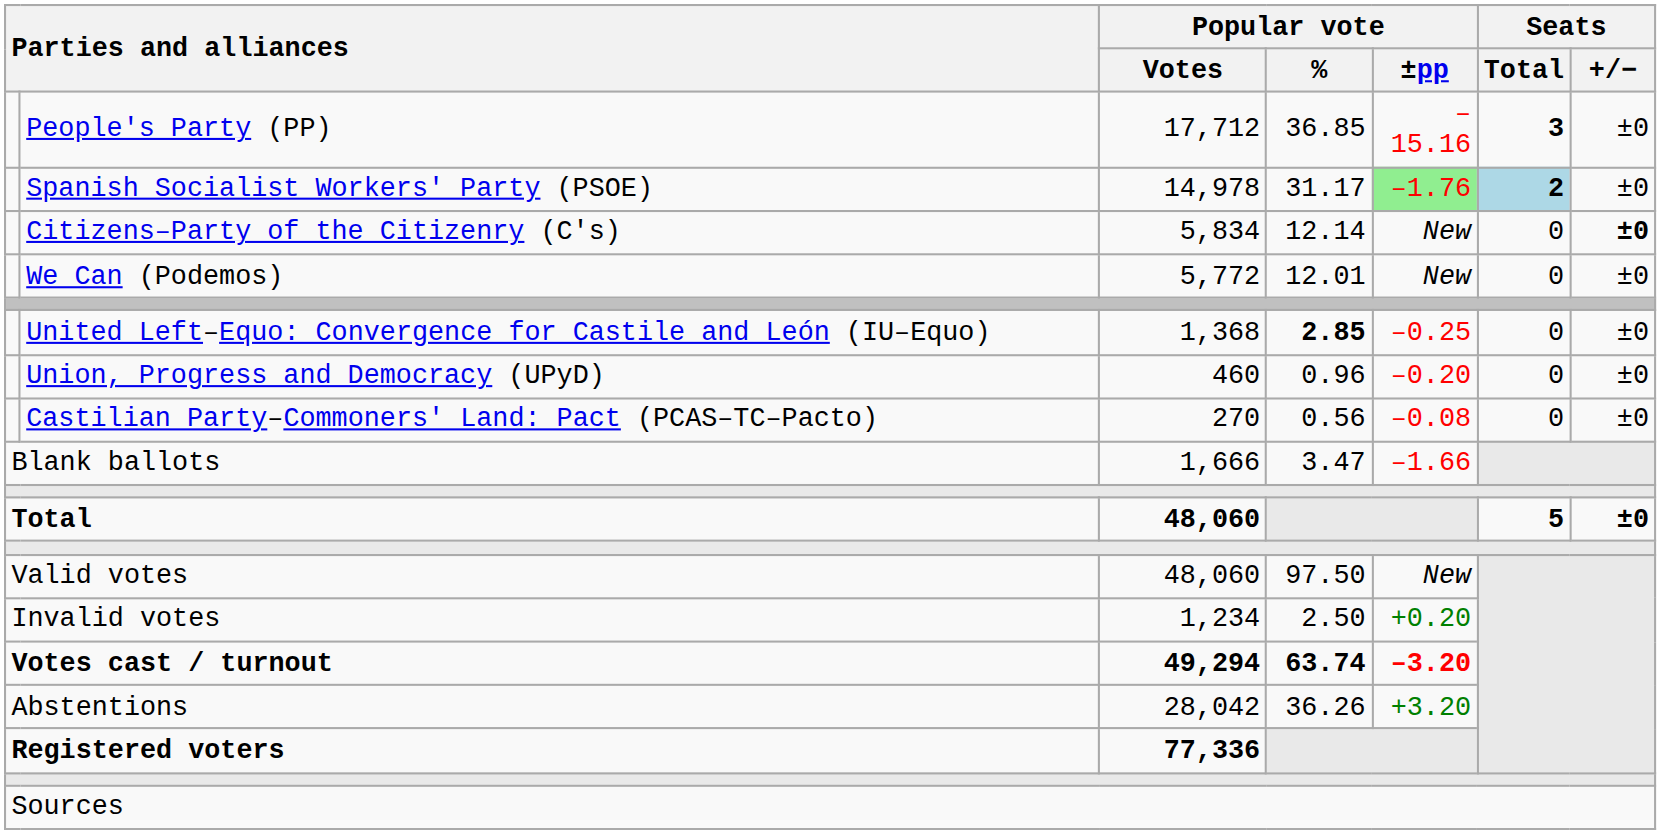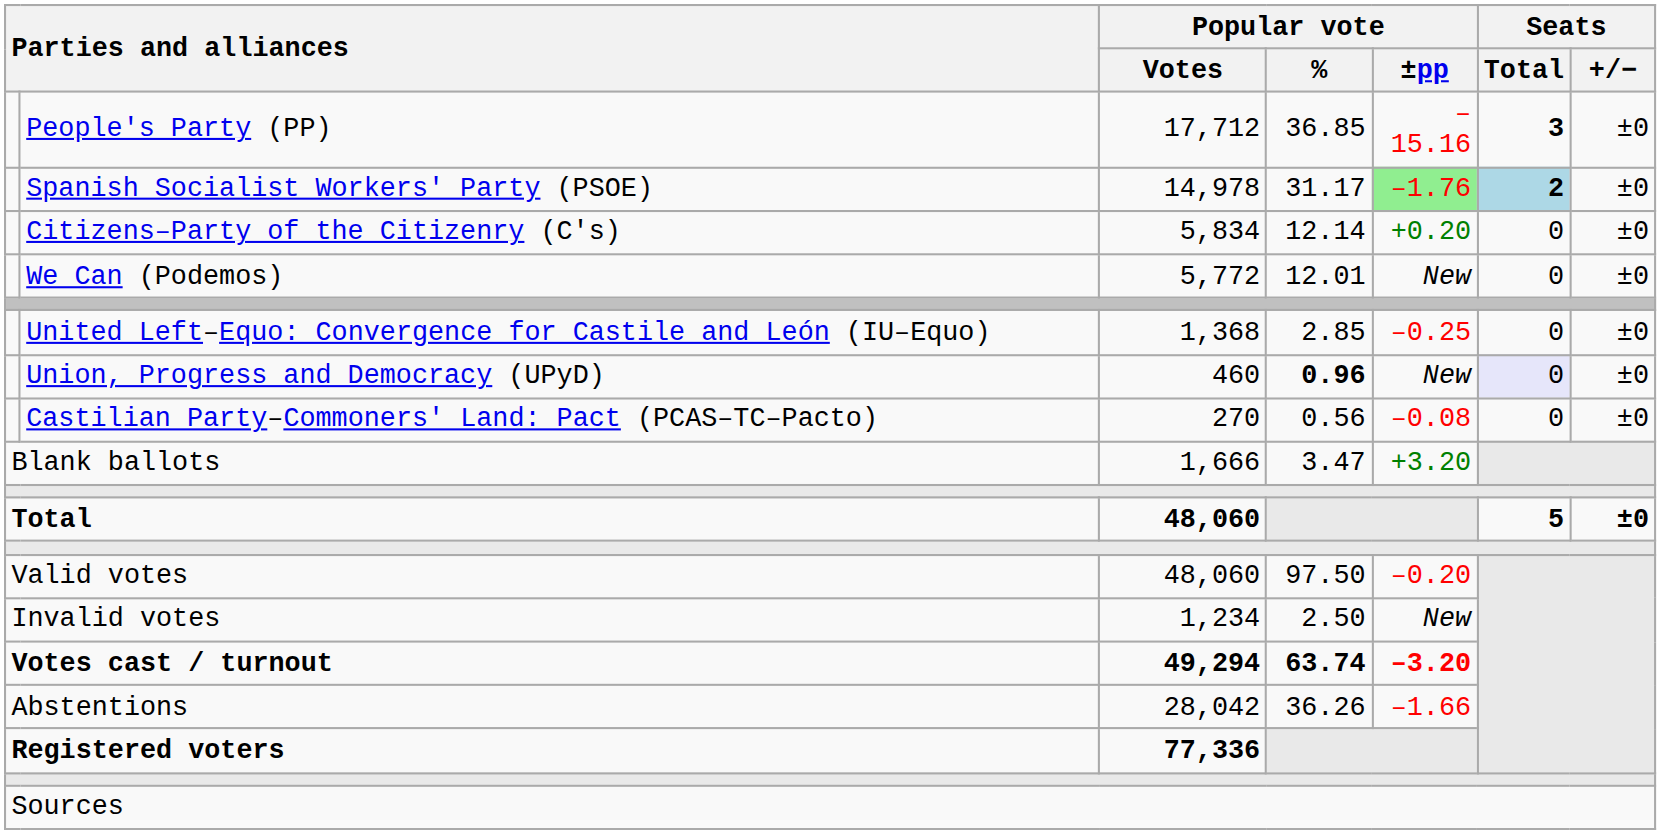 <table class="wikitable" style="text-align:right;">
 <tr>
 <th style="text-align:left;" rowspan="2" colspan="2" width="525">Parties and alliances</th>
 <th colspan="3">Popular vote</th>
 <th colspan="2">Seats</th>
 </tr>
 <tr>
 <th width="75">Votes</th>
 <th width="45">%</th>
 <th width="45">±<a href='#'>pp</a></th>
 <th width="35">Total</th>
 <th width="35">+/−</th>
 </tr>
 <tr>
 <td width="1" style="color:inherit;background:"></td>
 <td align="left"><a href='#'>People's Party</a> (PP)</td>
 <td>17,712</td>
 <td>36.85</td>
 <td style="color:red;">–15.16</td>
 <td><strong>3</strong></td>
 <td>±0</td>
 </tr>
 <tr>
 <td style="color:inherit;background:"></td>
 <td align="left"><a href='#'>Spanish Socialist Workers' Party</a> (PSOE)</td>
 <td>14,978</td>
 <td>31.17</td>
 <td style="background: lightgreen; color:red;">–1.76</td>
 <td style="background: lightblue;"><strong>2</strong></td>
 <td>±0</td>
 </tr>
 <tr>
 <td style="color:inherit;background:"></td>
 <td align="left"><a href='#'>Citizens–Party of the Citizenry</a> (C's)</td>
 <td>5,834</td>
 <td>12.14</td>
-<td><em>New</em></td>
+<td style="color:green;">+0.20</td>
 <td>0</td>
-<td><strong>±0</strong></td>
+<td>±0</td>
 </tr>
 <tr>
 <td style="color:inherit;background:"></td>
 <td align="left"><a href='#'>We Can</a> (Podemos)</td>
 <td>5,772</td>
 <td>12.01</td>
 <td><em>New</em></td>
 <td>0</td>
 <td>±0</td>
 </tr>
 <tr>
 <td colspan="7" bgcolor="#C0C0C0"></td>
 </tr>
 <tr>
 <td style="color:inherit;background:"></td>
 <td align="left"><a href='#'>United Left</a>–<a href='#'>Equo: Convergence for Castile and León</a> (IU–Equo)</td>
 <td>1,368</td>
-<td><strong>2.85</strong></td>
+<td>2.85</td>
 <td style="color:red;">–0.25</td>
 <td>0</td>
 <td>±0</td>
 </tr>
 <tr>
 <td style="color:inherit;background:"></td>
 <td align="left"><a href='#'>Union, Progress and Democracy</a> (UPyD)</td>
 <td>460</td>
-<td>0.96</td>
-<td style="color:red;">–0.20</td>
-<td>0</td>
+<td><strong>0.96</strong></td>
+<td><em>New</em></td>
+<td style="background: lavender;">0</td>
 <td>±0</td>
 </tr>
 <tr>
 <td style="color:inherit;background:"></td>
 <td align="left"><a href='#'>Castilian Party</a>–<a href='#'>Commoners' Land: Pact</a> (PCAS–TC–Pacto)</td>
 <td>270</td>
 <td>0.56</td>
 <td style="color:red;">–0.08</td>
 <td>0</td>
 <td>±0</td>
 </tr>
 <tr>
 <td align="left" colspan="2">Blank ballots</td>
 <td>1,666</td>
 <td>3.47</td>
-<td style="color:red;">–1.66</td>
+<td style="color:green;">+3.20</td>
 <td bgcolor="#E9E9E9" colspan="2"></td>
 </tr>
 <tr>
 <td colspan="7" bgcolor="#E9E9E9"></td>
 </tr>
 <tr style="font-weight:bold;">
 <td align="left" colspan="2">Total</td>
 <td>48,060</td>
 <td bgcolor="#E9E9E9" colspan="2"></td>
 <td>5</td>
 <td>±0</td>
 </tr>
 <tr>
 <td colspan="7" bgcolor="#E9E9E9"></td>
 </tr>
 <tr>
 <td align="left" colspan="2">Valid votes</td>
 <td>48,060</td>
 <td>97.50</td>
-<td><em>New</em></td>
+<td style="color:red;">–0.20</td>
 <td bgcolor="#E9E9E9" colspan="2" rowspan="5"></td>
 </tr>
 <tr>
 <td align="left" colspan="2">Invalid votes</td>
 <td>1,234</td>
 <td>2.50</td>
-<td style="color:green;">+0.20</td>
+<td><em>New</em></td>
 </tr>
 <tr style="font-weight:bold;">
 <td align="left" colspan="2">Votes cast / turnout</td>
 <td>49,294</td>
 <td>63.74</td>
 <td style="color:red;">–3.20</td>
 </tr>
 <tr>
 <td align="left" colspan="2">Abstentions</td>
 <td>28,042</td>
 <td>36.26</td>
-<td style="color:green;">+3.20</td>
+<td style="color:red;">–1.66</td>
 </tr>
 <tr style="font-weight:bold;">
 <td align="left" colspan="2">Registered voters</td>
 <td>77,336</td>
 <td bgcolor="#E9E9E9" colspan="2"></td>
 </tr>
 <tr>
 <td colspan="7" bgcolor="#E9E9E9"></td>
 </tr>
 <tr>
 <td align="left" colspan="7">Sources</td>
 </tr>
 </table>
